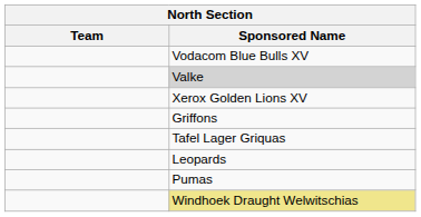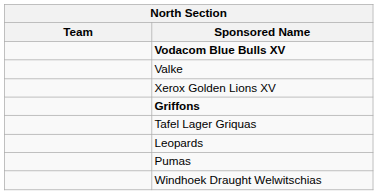 <table class="wikitable collapsible sortable" style="text-align:left; font-size:100%; width:40%;">
 <tr>
 <th colspan="100%" align=center>North Section</th>
 </tr>
 <tr>
 <th width="40%">Team</th>
 <th width="60%">Sponsored Name</th>
 </tr>
 <tr>
 <td></td>
-<td>Vodacom Blue Bulls XV</td>
+<td><strong>Vodacom Blue Bulls XV</strong></td>
 </tr>
 <tr>
 <td></td>
-<td style="background: lightgrey;">Valke</td>
+<td>Valke</td>
 </tr>
 <tr>
 <td></td>
 <td>Xerox Golden Lions XV</td>
 </tr>
 <tr>
 <td></td>
-<td>Griffons</td>
+<td><strong>Griffons</strong></td>
 </tr>
 <tr>
 <td></td>
 <td>Tafel Lager Griquas</td>
 </tr>
 <tr>
 <td></td>
 <td>Leopards</td>
 </tr>
 <tr>
 <td></td>
 <td>Pumas</td>
 </tr>
 <tr>
 <td></td>
-<td style="background: khaki;">Windhoek Draught Welwitschias</td>
+<td>Windhoek Draught Welwitschias</td>
 </tr>
 </table>
